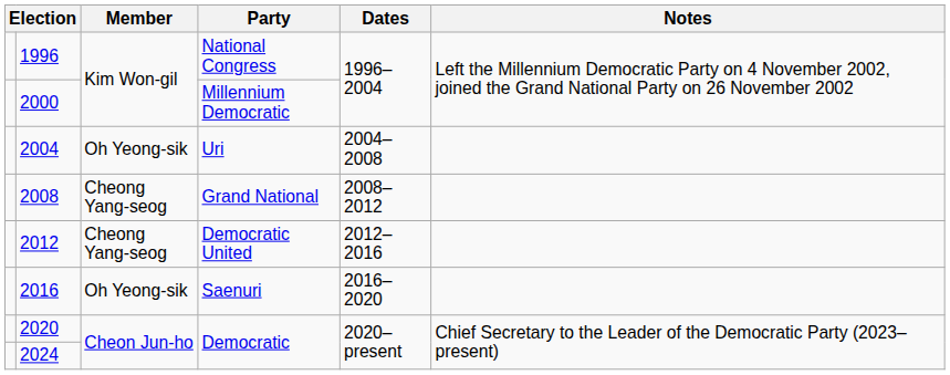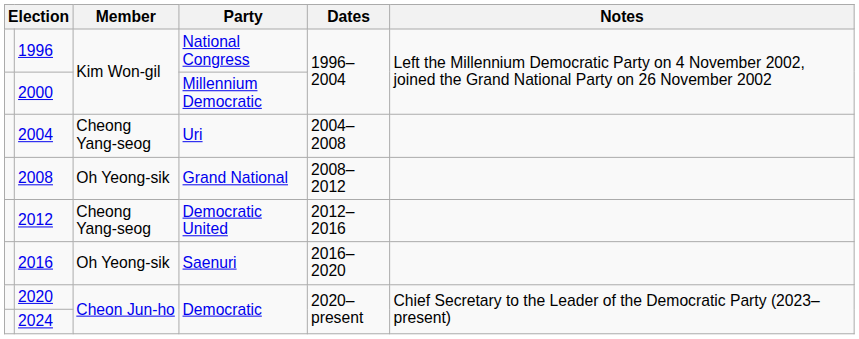 <table class="wikitable">
 <tr>
 <th colspan="2">Election</th>
 <th>Member</th>
 <th>Party</th>
 <th>Dates</th>
 <th>Notes</th>
 </tr>
 <tr>
 <td></td>
 <td><a href='#'>1996</a></td>
 <td rowspan="2">Kim Won-gil</td>
 <td><a href='#'>National Congress</a></td>
 <td rowspan="2">1996–2004</td>
 <td rowspan="2">Left the Millennium Democratic Party on 4 November 2002, joined the Grand National Party on 26 November 2002</td>
 </tr>
 <tr>
 <td></td>
 <td><a href='#'>2000</a></td>
 <td><a href='#'>Millennium Democratic</a></td>
 </tr>
 <tr>
 <td></td>
 <td><a href='#'>2004</a></td>
-<td>Oh Yeong-sik</td>
+<td>Cheong Yang-seog</td>
 <td><a href='#'>Uri</a></td>
 <td>2004–2008</td>
 <td></td>
 </tr>
 <tr>
 <td></td>
 <td><a href='#'>2008</a></td>
-<td>Cheong Yang-seog</td>
+<td>Oh Yeong-sik</td>
 <td><a href='#'>Grand National</a></td>
 <td>2008–2012</td>
 <td></td>
 </tr>
 <tr>
 <td></td>
 <td><a href='#'>2012</a></td>
 <td>Cheong Yang-seog</td>
 <td><a href='#'>Democratic United</a></td>
 <td>2012–2016</td>
 <td></td>
 </tr>
 <tr>
 <td></td>
 <td><a href='#'>2016</a></td>
 <td>Oh Yeong-sik</td>
 <td><a href='#'>Saenuri</a></td>
 <td>2016–2020</td>
 <td></td>
 </tr>
 <tr>
 <td></td>
 <td><a href='#'>2020</a></td>
 <td rowspan="2"><a href='#'>Cheon Jun-ho</a></td>
 <td rowspan="2"><a href='#'>Democratic</a></td>
 <td rowspan="2">2020–present</td>
 <td rowspan="2">Chief Secretary to the Leader of the Democratic Party (2023–present)</td>
 </tr>
 <tr>
 <td></td>
 <td><a href='#'>2024</a></td>
 </tr>
 </table>
